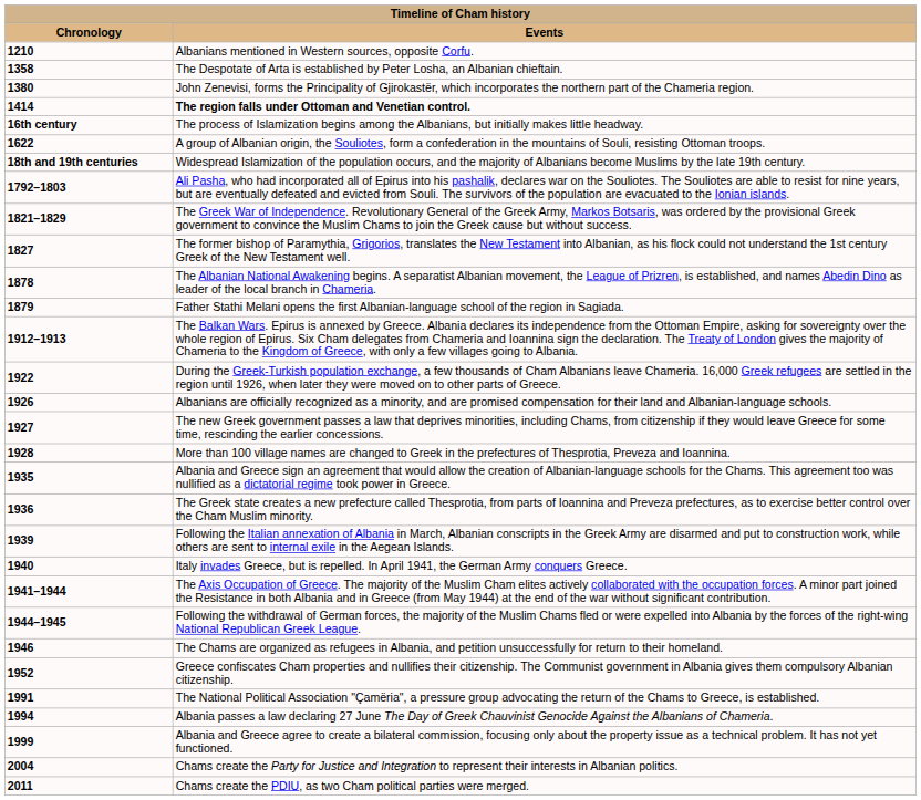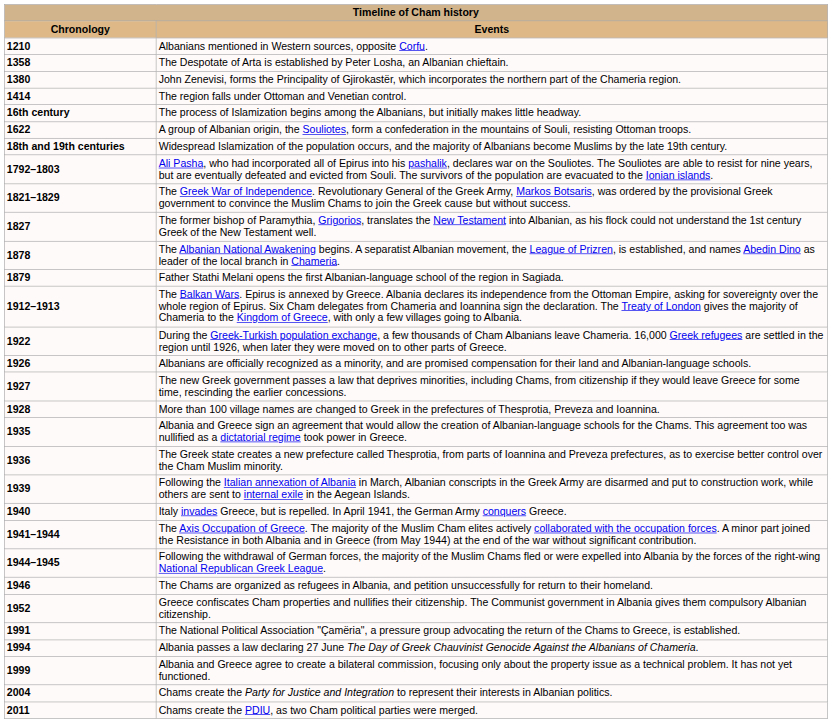 <table class="wikitable collapsible collapsed noprint" style="background:Snow; color:black">
 <tr>
 <th style="width:500%; background:Tan; color:black;" colspan="2">Timeline of Cham history</th>
 </tr>
 <tr style="text-align:center; background:BurlyWood;">
 <td style="width:40px; "><strong>Chronology</strong></td>
 <td style="background:BurlyWood; text-align:center;"><strong>Events</strong></td>
 </tr>
 <tr>
 <td><strong>1210</strong></td>
 <td>Albanians mentioned in Western sources, opposite <a href='#'>Corfu</a>.</td>
 </tr>
 <tr>
 <td><strong>1358</strong></td>
 <td>The Despotate of Arta is established by Peter Losha, an Albanian chieftain.</td>
 </tr>
 <tr>
 <td><strong>1380</strong></td>
 <td>John Zenevisi, forms the Principality of Gjirokastër, which incorporates the northern part of the Chameria region.</td>
 </tr>
 <tr>
 <td><strong>1414</strong></td>
-<td><strong>The region falls under Ottoman and Venetian control.</strong></td>
+<td>The region falls under Ottoman and Venetian control.</td>
 </tr>
 <tr>
 <td><strong>16th century</strong></td>
 <td>The process of Islamization begins among the Albanians, but initially makes little headway.</td>
 </tr>
 <tr>
 <td><strong>1622</strong></td>
 <td>A group of Albanian origin, the <a href='#'>Souliotes</a>, form a confederation in the mountains of Souli, resisting Ottoman troops.</td>
 </tr>
 <tr>
 <td><strong>18th and 19th centuries</strong></td>
 <td>Widespread Islamization of the population occurs, and the majority of Albanians become Muslims by the late 19th century.</td>
 </tr>
 <tr>
 <td><strong>1792–1803</strong></td>
 <td><a href='#'>Ali Pasha</a>, who had incorporated all of Epirus into his <a href='#'>pashalik</a>, declares war on the Souliotes. The Souliotes are able to resist for nine years, but are eventually defeated and evicted from Souli. The survivors of the population are evacuated to the <a href='#'>Ionian islands</a>.</td>
 </tr>
 <tr>
 <td><strong>1821–1829</strong></td>
 <td>The <a href='#'>Greek War of Independence</a>. Revolutionary General of the Greek Army, <a href='#'>Markos Botsaris</a>, was ordered by the provisional Greek government to convince the Muslim Chams to join the Greek cause but without success.</td>
 </tr>
 <tr>
 <td><strong>1827</strong></td>
 <td>The former bishop of Paramythia, <a href='#'>Grigorios</a>, translates the <a href='#'>New Testament</a> into Albanian, as his flock could not understand the 1st century Greek of the New Testament well.</td>
 </tr>
 <tr>
 <td><strong>1878</strong></td>
 <td>The <a href='#'>Albanian National Awakening</a> begins. A separatist Albanian movement, the <a href='#'>League of Prizren</a>, is established, and names <a href='#'>Abedin Dino</a> as leader of the local branch in <a href='#'>Chameria</a>.</td>
 </tr>
 <tr>
 <td><strong>1879</strong></td>
 <td>Father Stathi Melani opens the first Albanian-language school of the region in Sagiada.</td>
 </tr>
 <tr>
 <td><strong>1912–1913</strong></td>
 <td>The <a href='#'>Balkan Wars</a>. Epirus is annexed by Greece. Albania declares its independence from the Ottoman Empire, asking for sovereignty over the whole region of Epirus. Six Cham delegates from Chameria and Ioannina sign the declaration. The <a href='#'>Treaty of London</a> gives the majority of Chameria to the <a href='#'>Kingdom of Greece</a>, with only a few villages going to Albania.</td>
 </tr>
 <tr>
 <td><strong>1922</strong></td>
 <td>During the <a href='#'>Greek-Turkish population exchange</a>, a few thousands of Cham Albanians leave Chameria. 16,000 <a href='#'>Greek refugees</a> are settled in the region until 1926, when later they were moved on to other parts of Greece.</td>
 </tr>
 <tr>
 <td><strong>1926</strong></td>
 <td>Albanians are officially recognized as a minority, and are promised compensation for their land and Albanian-language schools.</td>
 </tr>
 <tr>
 <td><strong>1927</strong></td>
 <td>The new Greek government passes a law that deprives minorities, including Chams, from citizenship if they would leave Greece for some time, rescinding the earlier concessions.</td>
 </tr>
 <tr>
 <td><strong>1928</strong></td>
 <td>More than 100 village names are changed to Greek in the prefectures of Thesprotia, Preveza and Ioannina.</td>
 </tr>
 <tr>
 <td><strong>1935</strong></td>
 <td>Albania and Greece sign an agreement that would allow the creation of Albanian-language schools for the Chams. This agreement too was nullified as a <a href='#'>dictatorial regime</a> took power in Greece.</td>
 </tr>
 <tr>
 <td><strong>1936</strong></td>
 <td>The Greek state creates a new prefecture called Thesprotia, from parts of Ioannina and Preveza prefectures, as to exercise better control over the Cham Muslim minority.</td>
 </tr>
 <tr>
 <td><strong>1939</strong></td>
 <td>Following the <a href='#'>Italian annexation of Albania</a> in March, Albanian conscripts in the Greek Army are disarmed and put to construction work, while others are sent to <a href='#'>internal exile</a> in the Aegean Islands.</td>
 </tr>
 <tr>
 <td><strong>1940</strong></td>
 <td>Italy <a href='#'>invades</a> Greece, but is repelled. In April 1941, the German Army <a href='#'>conquers</a> Greece.</td>
 </tr>
 <tr>
 <td><strong>1941–1944</strong></td>
 <td>The <a href='#'>Axis Occupation of Greece</a>. The majority of the Muslim Cham elites actively <a href='#'>collaborated with the occupation forces</a>. A minor part joined the Resistance in both Albania and in Greece (from May 1944) at the end of the war without significant contribution.</td>
 </tr>
 <tr>
 <td><strong>1944–1945</strong></td>
 <td>Following the withdrawal of German forces, the majority of the Muslim Chams fled or were expelled into Albania by the forces of the right-wing <a href='#'>National Republican Greek League</a>.</td>
 </tr>
 <tr>
 <td><strong>1946</strong></td>
 <td>The Chams are organized as refugees in Albania, and petition unsuccessfully for return to their homeland.</td>
 </tr>
 <tr>
 <td><strong>1952</strong></td>
 <td>Greece confiscates Cham properties and nullifies their citizenship. The Communist government in Albania gives them compulsory Albanian citizenship.</td>
 </tr>
 <tr>
 <td><strong>1991</strong></td>
 <td>The National Political Association "Çamëria", a pressure group advocating the return of the Chams to Greece, is established.</td>
 </tr>
 <tr>
 <td><strong>1994</strong></td>
 <td>Albania passes a law declaring 27 June <em>The Day of Greek Chauvinist Genocide Against the Albanians of Chameria</em>.</td>
 </tr>
 <tr>
 <td><strong>1999</strong></td>
 <td>Albania and Greece agree to create a bilateral commission, focusing only about the property issue as a technical problem. It has not yet functioned.</td>
 </tr>
 <tr>
 <td><strong>2004</strong></td>
 <td>Chams create the <em>Party for Justice and Integration</em> to represent their interests in Albanian politics.</td>
 </tr>
 <tr>
 <td><strong>2011</strong></td>
 <td>Chams create the <a href='#'>PDIU</a>, as two Cham political parties were merged.</td>
 </tr>
 </table>
